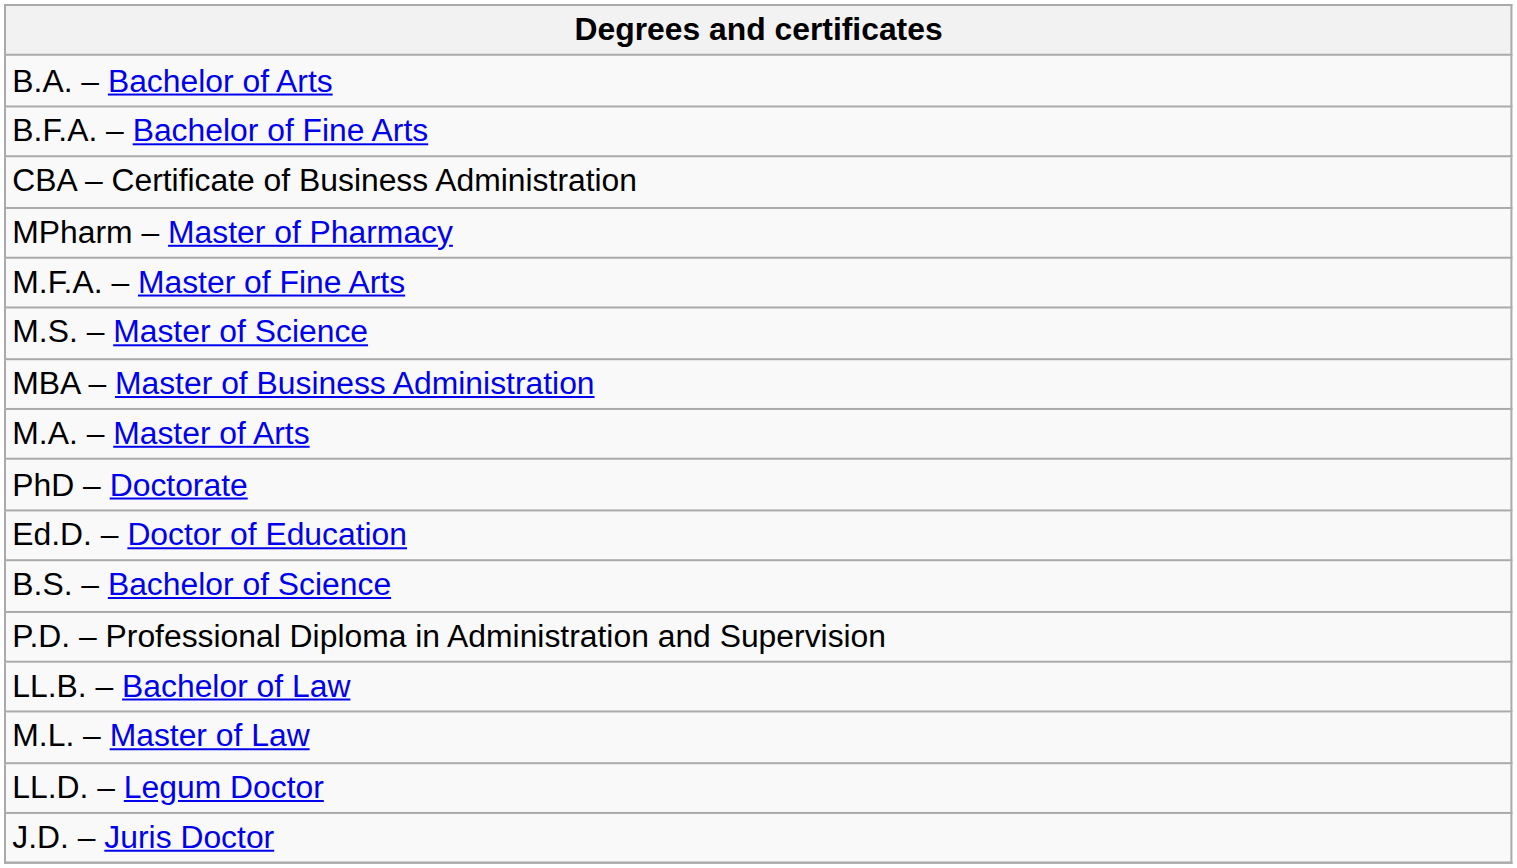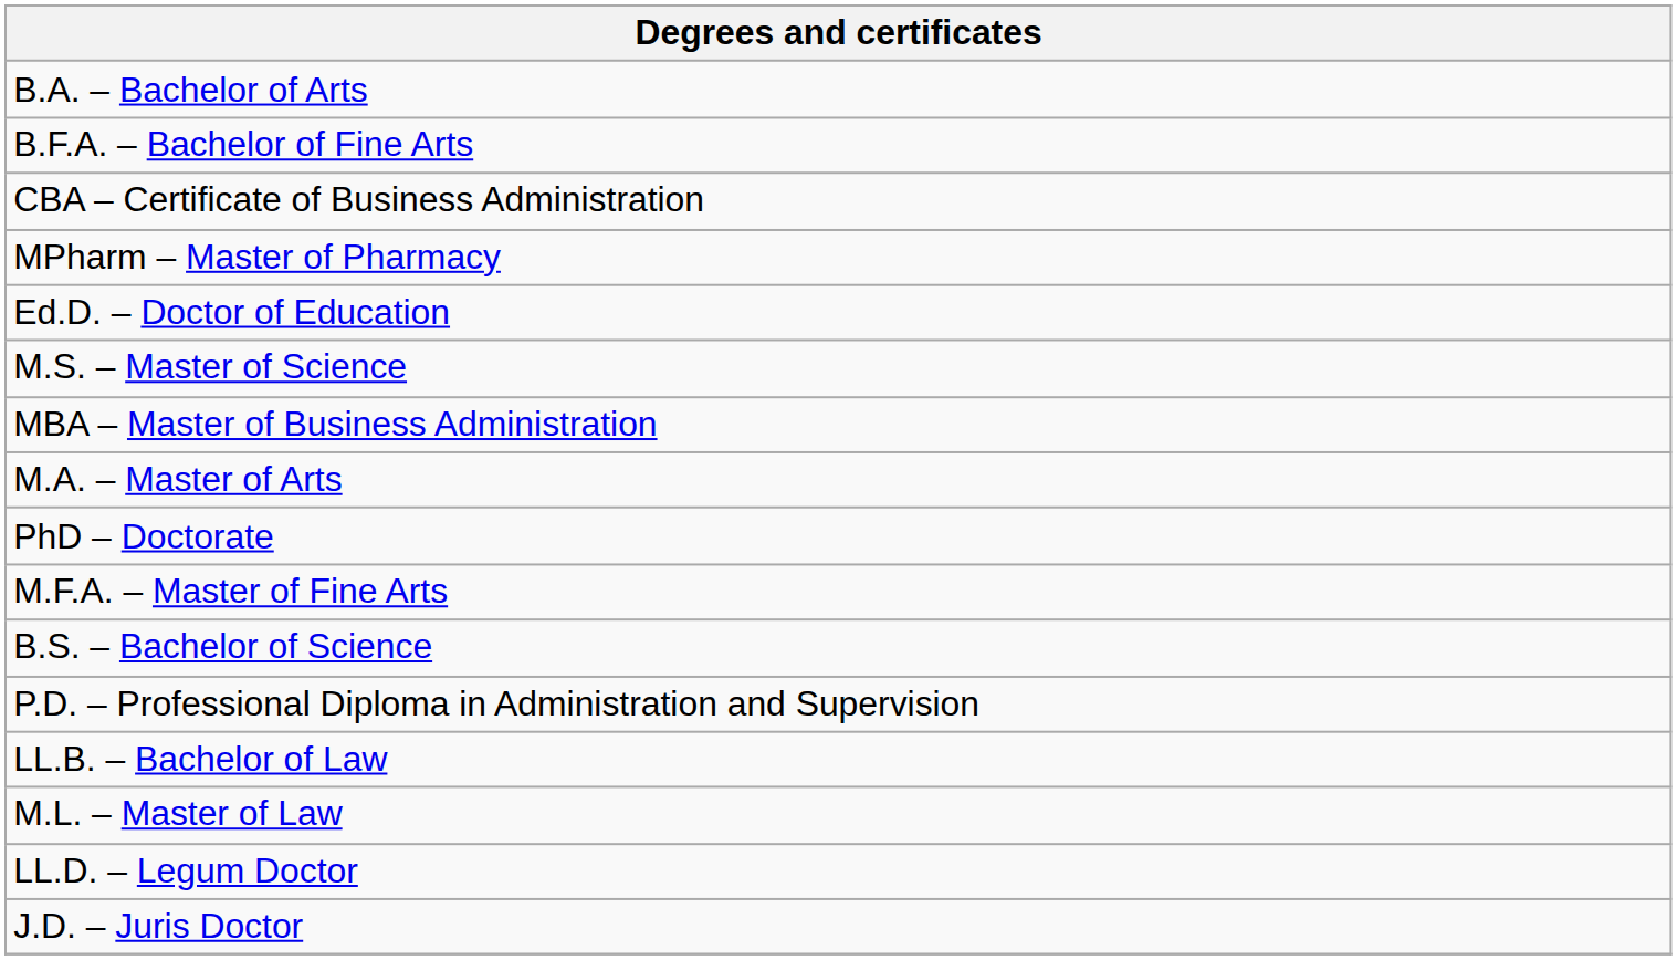 <table class="wikitable mw-collapsible mw-collapsed" style="width: 60%; height: 30px style="font-size: 100%">
 <tr>
 <th>Degrees and certificates</th>
 </tr>
 <tr>
 <td>B.A. – <a href='#'>Bachelor of Arts</a></td>
 </tr>
 <tr>
 <td>B.F.A. – <a href='#'>Bachelor of Fine Arts</a></td>
 </tr>
 <tr>
 <td>CBA – Certificate of Business Administration</td>
 </tr>
 <tr>
 <td>MPharm – <a href='#'>Master of Pharmacy</a></td>
 </tr>
 <tr>
-<td>M.F.A. – <a href='#'>Master of Fine Arts</a></td>
+<td>Ed.D. – <a href='#'>Doctor of Education</a></td>
 </tr>
 <tr>
 <td>M.S. – <a href='#'>Master of Science</a></td>
 </tr>
 <tr>
 <td>MBA – <a href='#'>Master of Business Administration</a></td>
 </tr>
 <tr>
 <td>M.A. – <a href='#'>Master of Arts</a></td>
 </tr>
 <tr>
 <td>PhD – <a href='#'>Doctorate</a></td>
 </tr>
 <tr>
-<td>Ed.D. – <a href='#'>Doctor of Education</a></td>
+<td>M.F.A. – <a href='#'>Master of Fine Arts</a></td>
 </tr>
 <tr>
 <td>B.S. – <a href='#'>Bachelor of Science</a></td>
 </tr>
 <tr>
 <td>P.D. – Professional Diploma in Administration and Supervision</td>
 </tr>
 <tr>
 <td>LL.B. – <a href='#'>Bachelor of Law</a></td>
 </tr>
 <tr>
 <td>M.L. – <a href='#'>Master of Law</a></td>
 </tr>
 <tr>
 <td>LL.D. – <a href='#'>Legum Doctor</a></td>
 </tr>
 <tr>
 <td>J.D. – <a href='#'>Juris Doctor</a></td>
 </tr>
 <tr>
 </tr>
 </table>
